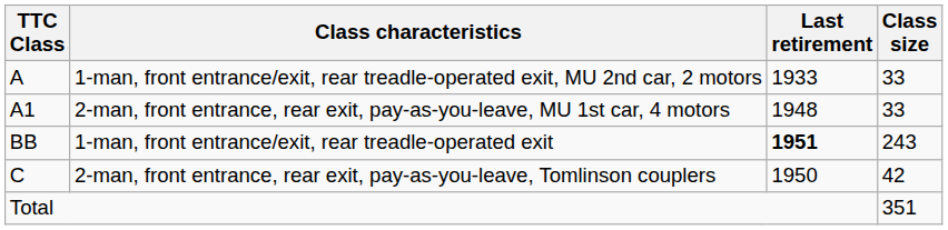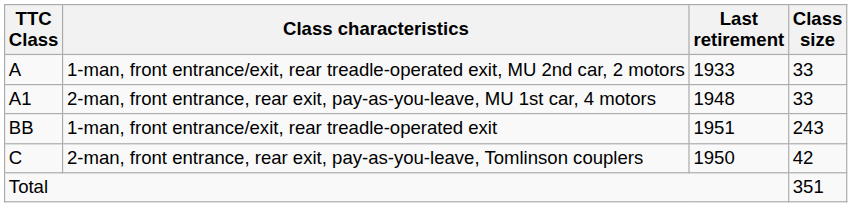 <table class="wikitable">
 <tr>
 <th>TTC<br>Class</th>
 <th>Class characteristics</th>
 <th>Last<br>retirement</th>
 <th>Class<br>size</th>
 </tr>
 <tr>
 <td>A</td>
 <td>1-man, front entrance/exit, rear treadle-operated exit, MU 2nd car, 2 motors</td>
 <td>1933</td>
 <td>33</td>
 </tr>
 <tr>
 <td>A1</td>
 <td>2-man, front entrance, rear exit, pay-as-you-leave, MU 1st car, 4 motors</td>
 <td>1948</td>
 <td>33</td>
 </tr>
 <tr>
 <td>BB</td>
 <td>1-man, front entrance/exit, rear treadle-operated exit</td>
-<td><strong>1951</strong></td>
+<td>1951</td>
 <td>243</td>
 </tr>
 <tr>
 <td>C</td>
 <td>2-man, front entrance, rear exit, pay-as-you-leave, Tomlinson couplers</td>
 <td>1950</td>
 <td>42</td>
 </tr>
 <tr>
 <td colspan="3">Total</td>
 <td>351</td>
 </tr>
 </table>
